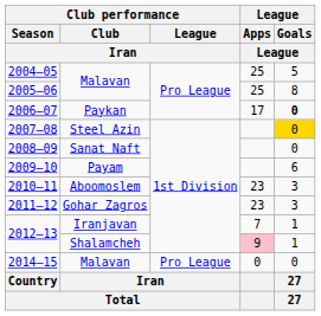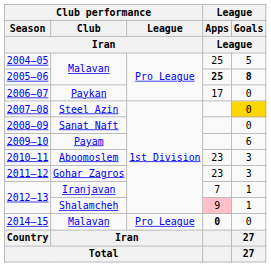 <table class="wikitable" style="text-align:center;">
 <tr>
 <th colspan=3>Club performance</th>
 <th colspan=2>League</th>
 </tr>
 <tr>
 <th>Season</th>
 <th>Club</th>
 <th>League</th>
 <th>Apps</th>
 <th>Goals</th>
 </tr>
 <tr>
 <th colspan=3>Iran</th>
 <th colspan=2>League</th>
 </tr>
 <tr>
 <td><a href='#'>2004–05</a></td>
 <td rowspan="2"><a href='#'>Malavan</a></td>
 <td rowspan="3"><a href='#'>Pro League</a></td>
 <td>25</td>
 <td>5</td>
 </tr>
 <tr>
 <td><a href='#'>2005–06</a></td>
-<td>25</td>
-<td>8</td>
+<td><strong>25</strong></td>
+<td><strong>8</strong></td>
 </tr>
 <tr>
 <td><a href='#'>2006–07</a></td>
 <td><a href='#'>Paykan</a></td>
 <td>17</td>
-<td><strong>0</strong></td>
+<td>0</td>
 </tr>
 <tr>
 <td><a href='#'>2007–08</a></td>
 <td><a href='#'>Steel Azin</a></td>
 <td rowspan="7"><a href='#'>1st Division</a></td>
 <td></td>
 <td style="background: gold;">0</td>
 </tr>
 <tr>
 <td><a href='#'>2008–09</a></td>
 <td><a href='#'>Sanat Naft</a></td>
 <td></td>
 <td>0</td>
 </tr>
 <tr>
 <td><a href='#'>2009–10</a></td>
 <td><a href='#'>Payam</a></td>
 <td></td>
 <td>6</td>
 </tr>
 <tr>
 <td><a href='#'>2010–11</a></td>
 <td><a href='#'>Aboomoslem</a></td>
 <td>23</td>
 <td>3</td>
 </tr>
 <tr>
 <td><a href='#'>2011–12</a></td>
 <td><a href='#'>Gohar Zagros</a></td>
 <td>23</td>
 <td>3</td>
 </tr>
 <tr>
 <td rowspan="2"><a href='#'>2012–13</a></td>
 <td><a href='#'>Iranjavan</a></td>
 <td>7</td>
 <td>1</td>
 </tr>
 <tr>
 <td><a href='#'>Shalamcheh</a></td>
 <td style="background: pink;">9</td>
 <td>1</td>
 </tr>
 <tr>
 <td><a href='#'>2014–15</a></td>
 <td><a href='#'>Malavan</a></td>
 <td rowspan="1"><a href='#'>Pro League</a></td>
-<td>0</td>
+<td><strong>0</strong></td>
 <td>0</td>
 </tr>
 <tr>
 <th rowspan=1>Country</th>
 <th colspan=2>Iran</th>
 <th></th>
 <th>27</th>
 </tr>
 <tr>
 <th colspan=3>Total</th>
 <th></th>
 <th>27</th>
 </tr>
 </table>
